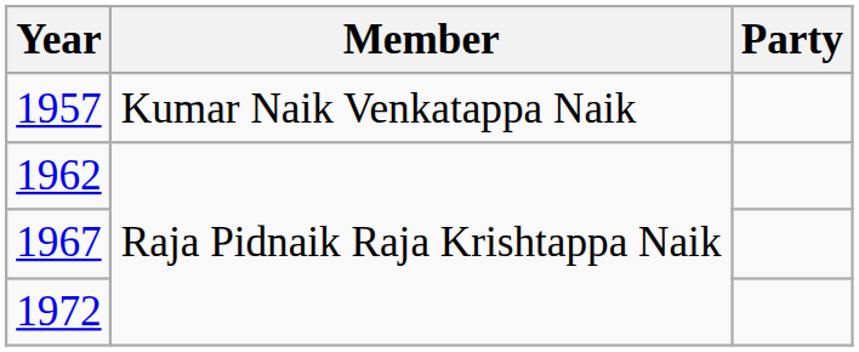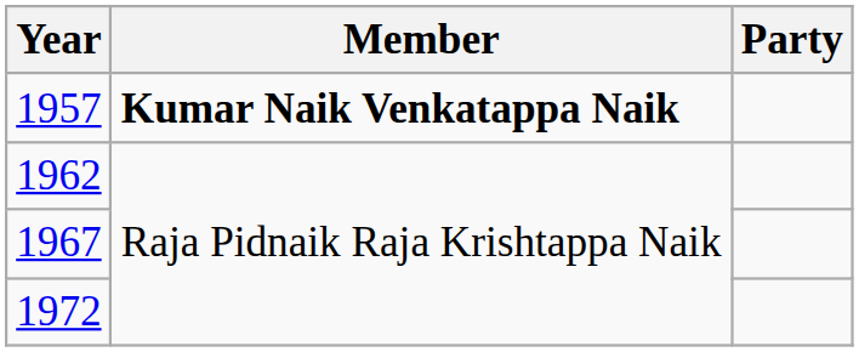 <table class="wikitable sortable">
 <tr>
 <th>Year</th>
 <th>Member</th>
 <th colspan="2">Party</th>
 </tr>
 <tr>
 <td><a href='#'>1957</a></td>
-<td>Kumar Naik Venkatappa Naik</td>
+<td><strong>Kumar Naik Venkatappa Naik</strong></td>
 <td></td>
 </tr>
 <tr>
 <td><a href='#'>1962</a></td>
 <td rowspan="3">Raja Pidnaik Raja Krishtappa Naik</td>
 <td></td>
 </tr>
 <tr>
 <td><a href='#'>1967</a></td>
 <td></td>
 </tr>
 <tr>
 <td><a href='#'>1972</a></td>
 <td></td>
 </tr>
 </table>
